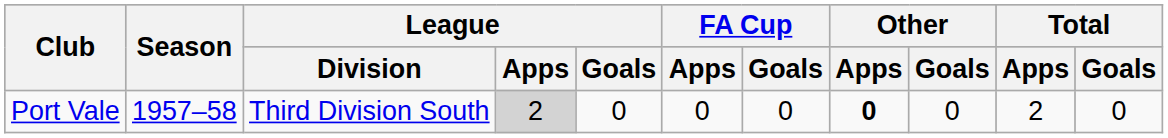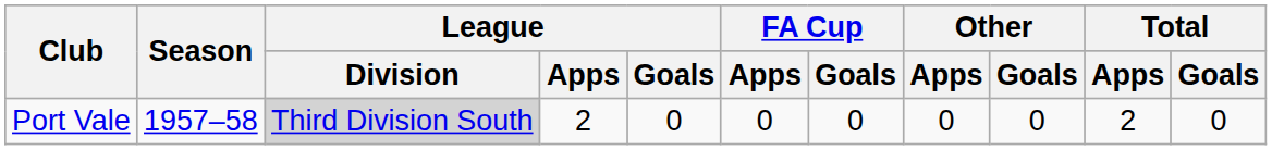 <table class="wikitable" style="text-align:center">
 <tr>
 <th rowspan="2">Club</th>
 <th rowspan="2">Season</th>
 <th colspan="3">League</th>
 <th colspan="2"><a href='#'>FA Cup</a></th>
 <th colspan="2">Other</th>
 <th colspan="2">Total</th>
 </tr>
 <tr>
 <th>Division</th>
 <th>Apps</th>
 <th>Goals</th>
 <th>Apps</th>
 <th>Goals</th>
 <th>Apps</th>
 <th>Goals</th>
 <th>Apps</th>
 <th>Goals</th>
 </tr>
 <tr>
 <td><a href='#'>Port Vale</a></td>
 <td><a href='#'>1957–58</a></td>
-<td><a href='#'>Third Division South</a></td>
-<td style="background: lightgrey;">2</td>
+<td style="background: lightgrey;"><a href='#'>Third Division South</a></td>
+<td>2</td>
 <td>0</td>
 <td>0</td>
 <td>0</td>
-<td><strong>0</strong></td>
+<td>0</td>
 <td>0</td>
 <td>2</td>
 <td>0</td>
 </tr>
 </table>
